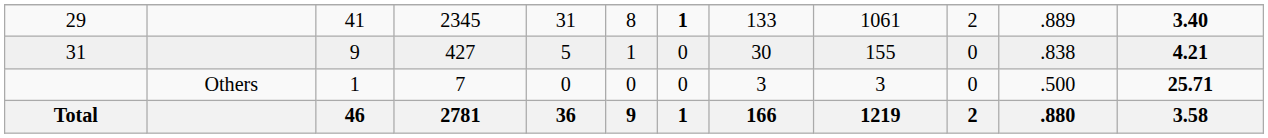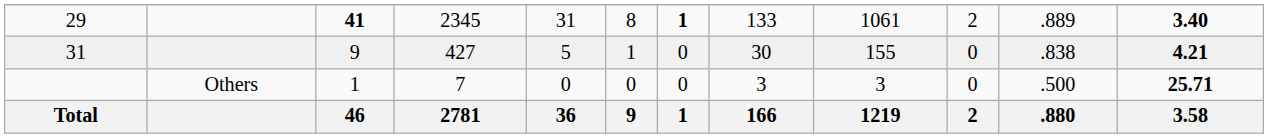 <table class="wikitable sortable" width ="1000">
 <tr align="center">
 </tr>
 <tr align="center" bgcolor="">
 <td>29</td>
 <td></td>
-<td>41</td>
+<td><strong>41</strong></td>
 <td>2345</td>
 <td>31</td>
 <td>8</td>
 <td><strong>1</strong></td>
 <td>133</td>
 <td>1061</td>
 <td>2</td>
 <td>.889</td>
 <td><strong>3.40</strong></td>
 </tr>
 <tr align="center" bgcolor="#f0f0f0">
 <td>31</td>
 <td></td>
 <td>9</td>
 <td>427</td>
 <td>5</td>
 <td>1</td>
 <td>0</td>
 <td>30</td>
 <td>155</td>
 <td>0</td>
 <td>.838</td>
 <td><strong>4.21</strong></td>
 </tr>
 <tr align="center" bgcolor="">
 <td></td>
 <td>Others</td>
 <td>1</td>
 <td>7</td>
 <td>0</td>
 <td>0</td>
 <td>0</td>
 <td>3</td>
 <td>3</td>
 <td>0</td>
 <td>.500</td>
 <td><strong>25.71</strong></td>
 </tr>
 <tr>
 <th>Total</th>
 <th></th>
 <th>46</th>
 <th>2781</th>
 <th>36</th>
 <th>9</th>
 <th>1</th>
 <th>166</th>
 <th>1219</th>
 <th>2</th>
 <th>.880</th>
 <th>3.58</th>
 </tr>
 </table>
